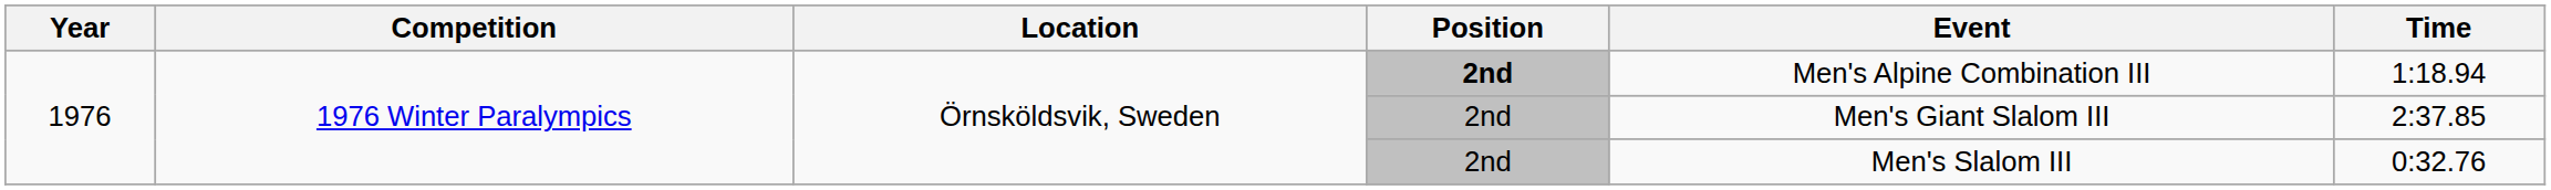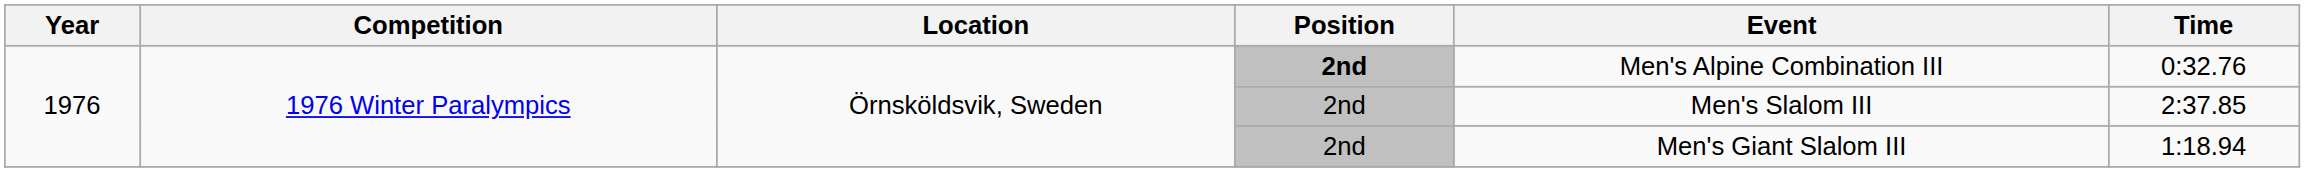 <table class="wikitable" width=65% style="font-size:90%; text-align:center;">
 <tr>
 <th>Year</th>
 <th>Competition</th>
 <th>Location</th>
 <th>Position</th>
 <th>Event</th>
 <th>Time</th>
 </tr>
 <tr>
 <td rowspan=3>1976</td>
 <td rowspan=3><a href='#'>1976 Winter Paralympics</a></td>
 <td rowspan=3>Örnsköldsvik, Sweden</td>
 <td bgcolor=silver><strong>2nd</strong></td>
 <td>Men's Alpine Combination III</td>
-<td>1:18.94</td>
+<td>0:32.76</td>
+</tr>
+<tr>
+<td bgcolor=silver>2nd</td>
+<td>Men's Slalom III</td>
+<td>2:37.85</td>
 </tr>
 <tr>
 <td bgcolor=silver>2nd</td>
 <td>Men's Giant Slalom III</td>
-<td>2:37.85</td>
-</tr>
-<tr>
-<td bgcolor=silver>2nd</td>
-<td>Men's Slalom III</td>
-<td>0:32.76</td>
+<td>1:18.94</td>
 </tr>
 </table>
